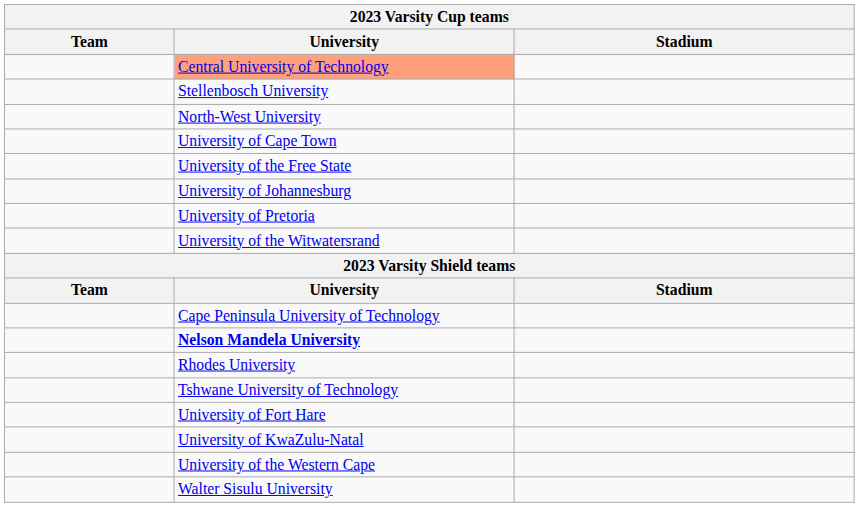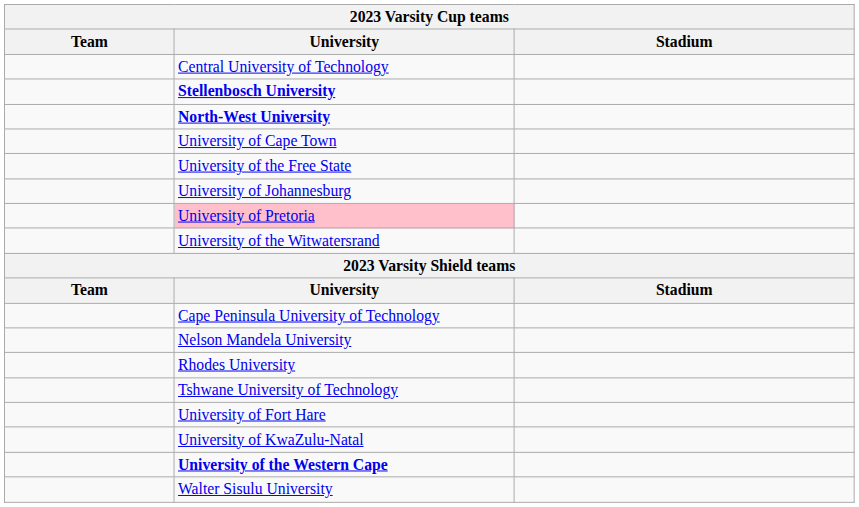 <table class="wikitable">
 <tr>
 <th colspan="100%" style="text-align:center;"><strong>2023 Varsity Cup teams</strong></th>
 </tr>
 <tr>
 <th width="10%">Team</th>
 <th width="20%">University</th>
 <th width="20%">Stadium</th>
 </tr>
 <tr>
 <td></td>
-<td style="background: lightsalmon;"><a href='#'>Central University of Technology</a></td>
+<td><a href='#'>Central University of Technology</a></td>
 <td></td>
 </tr>
 <tr>
 <td></td>
-<td><a href='#'>Stellenbosch University</a></td>
+<td><strong><a href='#'>Stellenbosch University</a></strong></td>
 <td></td>
 </tr>
 <tr>
 <td></td>
-<td><a href='#'>North-West University</a></td>
+<td><strong><a href='#'>North-West University</a></strong></td>
 <td></td>
 </tr>
 <tr>
 <td></td>
 <td><a href='#'>University of Cape Town</a></td>
 <td></td>
 </tr>
 <tr>
 <td></td>
 <td><a href='#'>University of the Free State</a></td>
 <td></td>
 </tr>
 <tr>
 <td></td>
 <td><a href='#'>University of Johannesburg</a></td>
 <td></td>
 </tr>
 <tr>
 <td></td>
-<td><a href='#'>University of Pretoria</a></td>
+<td style="background: pink;"><a href='#'>University of Pretoria</a></td>
 <td></td>
 </tr>
 <tr>
 <td></td>
 <td><a href='#'>University of the Witwatersrand</a></td>
 <td></td>
 </tr>
 <tr>
 <th colspan="100%" style="text-align:center;"><strong>2023 Varsity Shield teams</strong></th>
 </tr>
 <tr>
 <th width="10%">Team</th>
 <th width="20%">University</th>
 <th width="20%">Stadium</th>
 </tr>
 <tr>
 <td></td>
 <td><a href='#'>Cape Peninsula University of Technology</a></td>
 <td></td>
 </tr>
 <tr>
 <td></td>
-<td><strong><a href='#'>Nelson Mandela University</a></strong></td>
+<td><a href='#'>Nelson Mandela University</a></td>
 <td></td>
 </tr>
 <tr>
 <td></td>
 <td><a href='#'>Rhodes University</a></td>
 <td></td>
 </tr>
 <tr>
 <td></td>
 <td><a href='#'>Tshwane University of Technology</a></td>
 <td></td>
 </tr>
 <tr>
 <td></td>
 <td><a href='#'>University of Fort Hare</a></td>
 <td></td>
 </tr>
 <tr>
 <td></td>
 <td><a href='#'>University of KwaZulu-Natal</a></td>
 <td></td>
 </tr>
 <tr>
 <td></td>
-<td><a href='#'>University of the Western Cape</a></td>
+<td><strong><a href='#'>University of the Western Cape</a></strong></td>
 <td></td>
 </tr>
 <tr>
 <td></td>
 <td><a href='#'>Walter Sisulu University</a></td>
 <td></td>
 </tr>
 </table>
